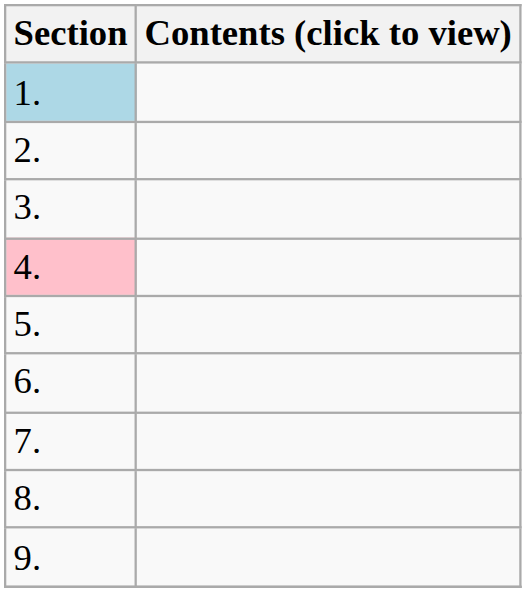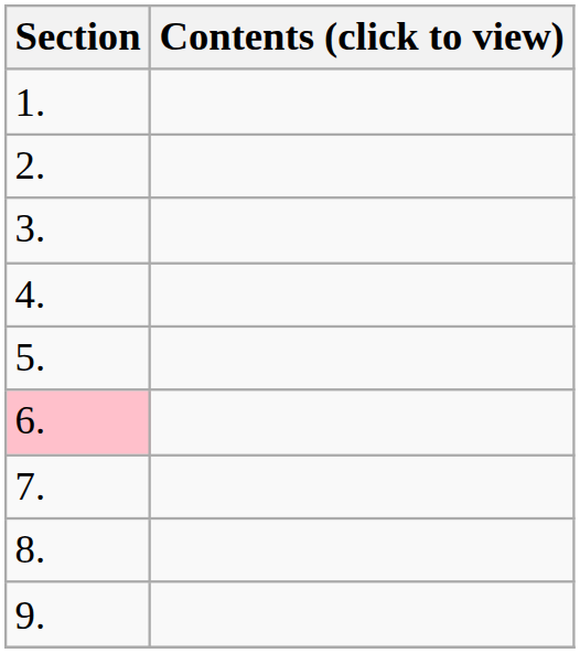 <table class="wikitable">
 <tr>
 <th>Section</th>
 <th>Contents (click to view)</th>
 </tr>
 <tr>
-<td style="background: lightblue;">1.</td>
+<td>1.</td>
 <td></td>
 </tr>
 <tr>
 <td>2.</td>
 <td></td>
 </tr>
 <tr>
 <td>3.</td>
 <td></td>
 </tr>
 <tr>
-<td style="background: pink;">4.</td>
+<td>4.</td>
 <td></td>
 </tr>
 <tr>
 <td>5.</td>
 <td></td>
 </tr>
 <tr>
-<td>6.</td>
+<td style="background: pink;">6.</td>
 <td></td>
 </tr>
 <tr>
 <td>7.</td>
 <td></td>
 </tr>
 <tr>
 <td>8.</td>
 <td></td>
 </tr>
 <tr>
 <td>9.</td>
 <td></td>
 </tr>
 <tr>
 </tr>
 </table>
